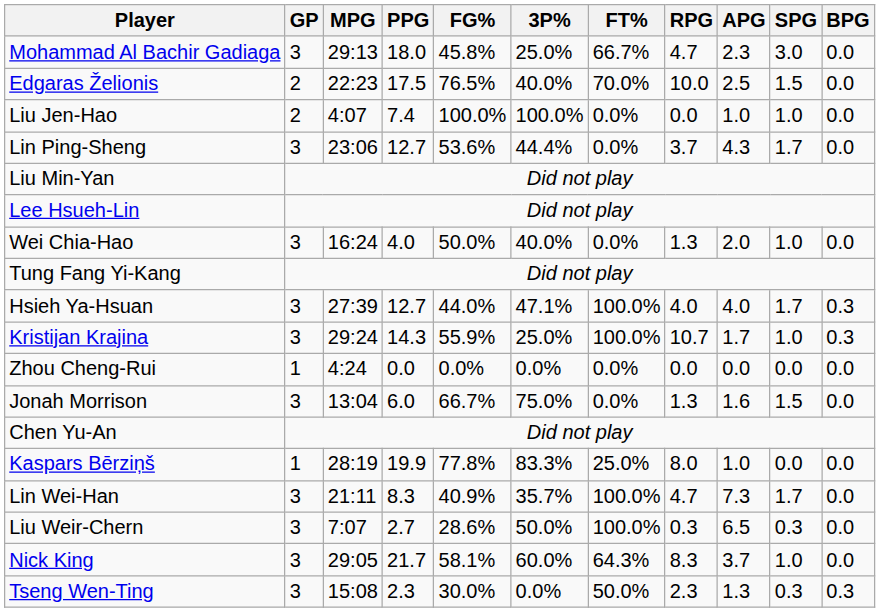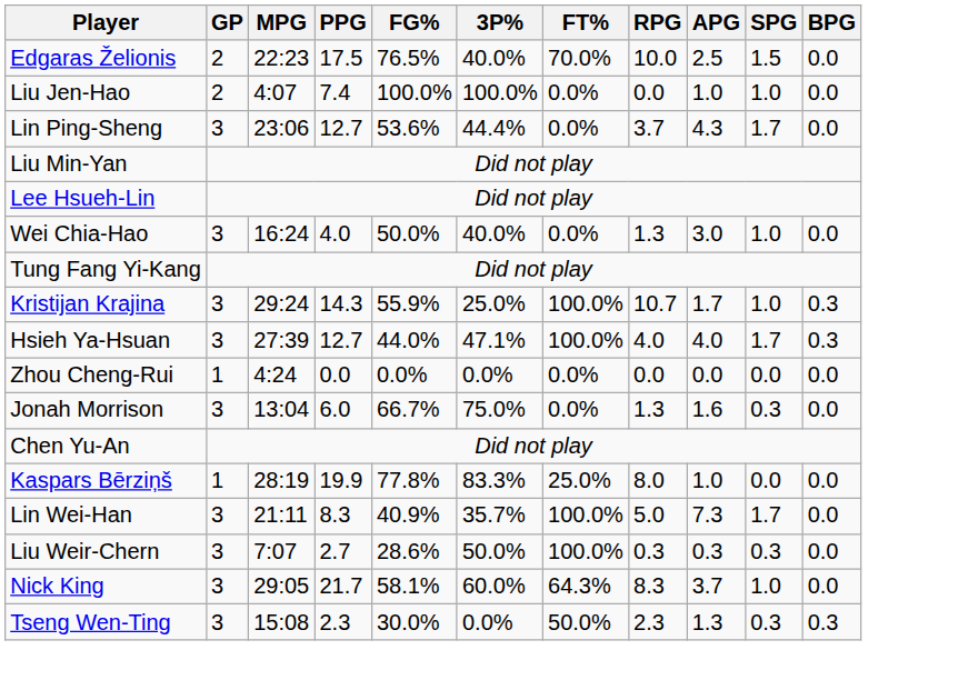 <table class="wikitable">
 <tr>
 <th>Player</th>
 <th>GP</th>
 <th>MPG</th>
 <th>PPG</th>
 <th>FG%</th>
 <th>3P%</th>
 <th>FT%</th>
 <th>RPG</th>
 <th>APG</th>
 <th>SPG</th>
 <th>BPG</th>
-</tr>
-<tr>
-<td><a href='#'>Mohammad Al Bachir Gadiaga</a></td>
-<td>3</td>
-<td>29:13</td>
-<td>18.0</td>
-<td>45.8%</td>
-<td>25.0%</td>
-<td>66.7%</td>
-<td>4.7</td>
-<td>2.3</td>
-<td>3.0</td>
-<td>0.0</td>
 </tr>
 <tr>
 <td><a href='#'>Edgaras Želionis</a></td>
 <td>2</td>
 <td>22:23</td>
 <td>17.5</td>
 <td>76.5%</td>
 <td>40.0%</td>
 <td>70.0%</td>
 <td>10.0</td>
 <td>2.5</td>
 <td>1.5</td>
 <td>0.0</td>
 </tr>
 <tr>
 <td>Liu Jen-Hao</td>
 <td>2</td>
 <td>4:07</td>
 <td>7.4</td>
 <td>100.0%</td>
 <td>100.0%</td>
 <td>0.0%</td>
 <td>0.0</td>
 <td>1.0</td>
 <td>1.0</td>
 <td>0.0</td>
 </tr>
 <tr>
 <td>Lin Ping-Sheng</td>
 <td>3</td>
 <td>23:06</td>
 <td>12.7</td>
 <td>53.6%</td>
 <td>44.4%</td>
 <td>0.0%</td>
 <td>3.7</td>
 <td>4.3</td>
 <td>1.7</td>
 <td>0.0</td>
 </tr>
 <tr>
 <td>Liu Min-Yan</td>
 <td colspan=10 align=center><em>Did not play</em></td>
 </tr>
 <tr>
 <td><a href='#'>Lee Hsueh-Lin</a></td>
 <td colspan=10 align=center><em>Did not play</em></td>
 </tr>
 <tr>
 <td>Wei Chia-Hao</td>
 <td>3</td>
 <td>16:24</td>
 <td>4.0</td>
 <td>50.0%</td>
 <td>40.0%</td>
 <td>0.0%</td>
 <td>1.3</td>
-<td>2.0</td>
+<td>3.0</td>
 <td>1.0</td>
 <td>0.0</td>
 </tr>
 <tr>
 <td>Tung Fang Yi-Kang</td>
 <td colspan=10 align=center><em>Did not play</em></td>
+</tr>
+<tr>
+<td><a href='#'>Kristijan Krajina</a></td>
+<td>3</td>
+<td>29:24</td>
+<td>14.3</td>
+<td>55.9%</td>
+<td>25.0%</td>
+<td>100.0%</td>
+<td>10.7</td>
+<td>1.7</td>
+<td>1.0</td>
+<td>0.3</td>
 </tr>
 <tr>
 <td>Hsieh Ya-Hsuan</td>
 <td>3</td>
 <td>27:39</td>
 <td>12.7</td>
 <td>44.0%</td>
 <td>47.1%</td>
 <td>100.0%</td>
 <td>4.0</td>
 <td>4.0</td>
 <td>1.7</td>
-<td>0.3</td>
-</tr>
-<tr>
-<td><a href='#'>Kristijan Krajina</a></td>
-<td>3</td>
-<td>29:24</td>
-<td>14.3</td>
-<td>55.9%</td>
-<td>25.0%</td>
-<td>100.0%</td>
-<td>10.7</td>
-<td>1.7</td>
-<td>1.0</td>
 <td>0.3</td>
 </tr>
 <tr>
 <td>Zhou Cheng-Rui</td>
 <td>1</td>
 <td>4:24</td>
 <td>0.0</td>
 <td>0.0%</td>
 <td>0.0%</td>
 <td>0.0%</td>
 <td>0.0</td>
 <td>0.0</td>
 <td>0.0</td>
 <td>0.0</td>
 </tr>
 <tr>
 <td>Jonah Morrison</td>
 <td>3</td>
 <td>13:04</td>
 <td>6.0</td>
 <td>66.7%</td>
 <td>75.0%</td>
 <td>0.0%</td>
 <td>1.3</td>
 <td>1.6</td>
-<td>1.5</td>
+<td>0.3</td>
 <td>0.0</td>
 </tr>
 <tr>
 <td>Chen Yu-An</td>
 <td colspan=10 align=center><em>Did not play</em></td>
 </tr>
 <tr>
 <td><a href='#'>Kaspars Bērziņš</a></td>
 <td>1</td>
 <td>28:19</td>
 <td>19.9</td>
 <td>77.8%</td>
 <td>83.3%</td>
 <td>25.0%</td>
 <td>8.0</td>
 <td>1.0</td>
 <td>0.0</td>
 <td>0.0</td>
 </tr>
 <tr>
 <td>Lin Wei-Han</td>
 <td>3</td>
 <td>21:11</td>
 <td>8.3</td>
 <td>40.9%</td>
 <td>35.7%</td>
 <td>100.0%</td>
-<td>4.7</td>
+<td>5.0</td>
 <td>7.3</td>
 <td>1.7</td>
 <td>0.0</td>
 </tr>
 <tr>
 <td>Liu Weir-Chern</td>
 <td>3</td>
 <td>7:07</td>
 <td>2.7</td>
 <td>28.6%</td>
 <td>50.0%</td>
 <td>100.0%</td>
 <td>0.3</td>
-<td>6.5</td>
+<td>0.3</td>
 <td>0.3</td>
 <td>0.0</td>
 </tr>
 <tr>
 <td><a href='#'>Nick King</a></td>
 <td>3</td>
 <td>29:05</td>
 <td>21.7</td>
 <td>58.1%</td>
 <td>60.0%</td>
 <td>64.3%</td>
 <td>8.3</td>
 <td>3.7</td>
 <td>1.0</td>
 <td>0.0</td>
 </tr>
 <tr>
 <td><a href='#'>Tseng Wen-Ting</a></td>
 <td>3</td>
 <td>15:08</td>
 <td>2.3</td>
 <td>30.0%</td>
 <td>0.0%</td>
 <td>50.0%</td>
 <td>2.3</td>
 <td>1.3</td>
 <td>0.3</td>
 <td>0.3</td>
 </tr>
 </table>
